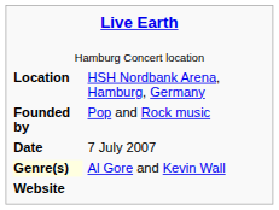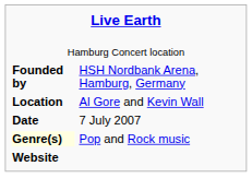 <table class="infobox" style="width: 20em; float:right; clear:right; font-size:90%" cellspacing="4">
 <tr style="vertical-align: top;">
 <th colspan="2" style="text-align: center;"><big><strong><a href='#'>Live Earth</a></strong></big></th>
 </tr>
 <tr style="vertical-align: top;">
 <td colspan="2" style="text-align: center;"></td>
 </tr>
 <tr style="vertical-align: top;">
 <td colspan="2" style="text-align: center;"></td>
 </tr>
 <tr style="vertical-align: top;">
 <td colspan="2" style="text-align: center;"><small>Hamburg Concert location</small></td>
 </tr>
 <tr style="vertical-align: top;">
-<td><strong>Location</strong></td>
+<td><strong>Founded by</strong></td>
 <td><a href='#'>HSH Nordbank Arena</a>, <a href='#'>Hamburg</a>, <a href='#'>Germany</a></td>
 </tr>
 <tr style="vertical-align: top;">
-<td><strong>Founded by</strong></td>
-<td><a href='#'>Pop</a> and <a href='#'>Rock music</a></td>
+<td><strong>Location</strong></td>
+<td><a href='#'>Al Gore</a> and <a href='#'>Kevin Wall</a></td>
 </tr>
 <tr style="vertical-align: top;">
 <td><strong>Date</strong></td>
 <td>7 July 2007</td>
 </tr>
 <tr style="vertical-align: top;">
 <td style="background: lightyellow;"><strong>Genre(s)</strong></td>
-<td><a href='#'>Al Gore</a> and <a href='#'>Kevin Wall</a></td>
+<td><a href='#'>Pop</a> and <a href='#'>Rock music</a></td>
 </tr>
 <tr style="vertical-align: top;">
 <td><strong>Website</strong></td>
 <td></td>
 </tr>
 </table>
